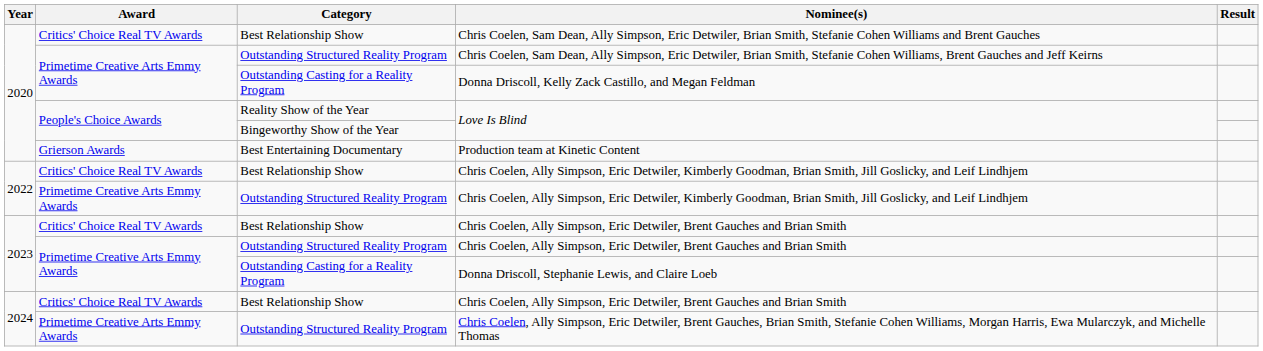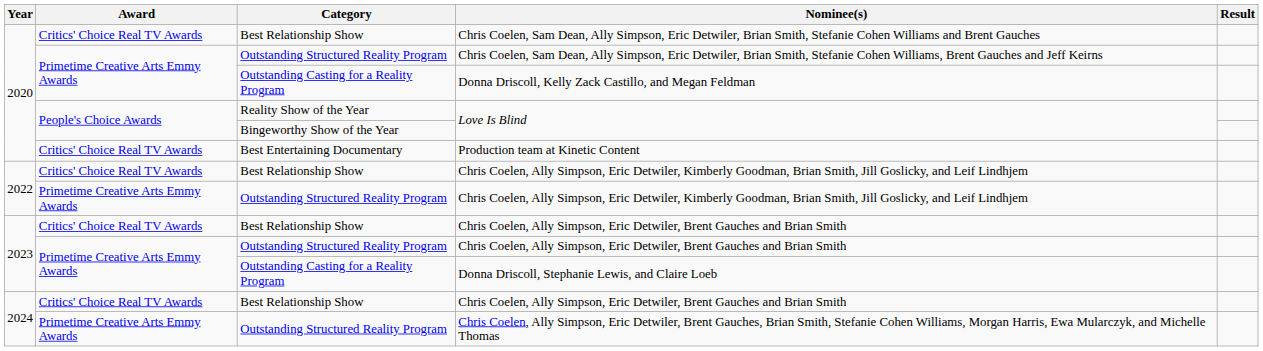 <table class="wikitable sortable">
 <tr>
 <th scope="col">Year</th>
 <th scope="col">Award</th>
 <th scope="col">Category</th>
 <th scope="col">Nominee(s)</th>
 <th scope="col">Result</th>
 </tr>
 <tr>
 <td rowspan="6" style="text-align:center;">2020</td>
 <td><a href='#'>Critics' Choice Real TV Awards</a></td>
 <td>Best Relationship Show</td>
 <td>Chris Coelen, Sam Dean, Ally Simpson, Eric Detwiler, Brian Smith, Stefanie Cohen Williams and Brent Gauches</td>
 <td></td>
 </tr>
 <tr>
 <td scope="row" rowspan="2"><a href='#'>Primetime Creative Arts Emmy Awards</a></td>
 <td><a href='#'>Outstanding Structured Reality Program</a></td>
 <td>Chris Coelen, Sam Dean, Ally Simpson, Eric Detwiler, Brian Smith, Stefanie Cohen Williams, Brent Gauches and Jeff Keirns</td>
 <td></td>
 </tr>
 <tr>
 <td><a href='#'>Outstanding Casting for a Reality Program</a></td>
 <td>Donna Driscoll, Kelly Zack Castillo, and Megan Feldman</td>
 <td></td>
 </tr>
 <tr>
 <td rowspan="2"><a href='#'>People's Choice Awards</a></td>
 <td>Reality Show of the Year</td>
 <td rowspan="2"><em>Love Is Blind</em></td>
 <td></td>
 </tr>
 <tr>
 <td>Bingeworthy Show of the Year</td>
 <td></td>
 </tr>
 <tr>
-<td><a href='#'>Grierson Awards</a></td>
+<td><a href='#'>Critics' Choice Real TV Awards</a></td>
 <td>Best Entertaining Documentary</td>
 <td>Production team at Kinetic Content</td>
 <td></td>
 </tr>
 <tr>
 <td rowspan="2" style="text-align:center;">2022</td>
 <td><a href='#'>Critics' Choice Real TV Awards</a></td>
 <td>Best Relationship Show</td>
 <td>Chris Coelen, Ally Simpson, Eric Detwiler, Kimberly Goodman, Brian Smith, Jill Goslicky, and Leif Lindhjem</td>
 <td></td>
 </tr>
 <tr>
 <td><a href='#'>Primetime Creative Arts Emmy Awards</a></td>
 <td><a href='#'>Outstanding Structured Reality Program</a></td>
 <td>Chris Coelen, Ally Simpson, Eric Detwiler, Kimberly Goodman, Brian Smith, Jill Goslicky, and Leif Lindhjem</td>
 <td></td>
 </tr>
 <tr>
 <td rowspan="3" style="text-align:center;">2023</td>
 <td><a href='#'>Critics' Choice Real TV Awards</a></td>
 <td>Best Relationship Show</td>
 <td>Chris Coelen, Ally Simpson, Eric Detwiler, Brent Gauches and Brian Smith</td>
 <td></td>
 </tr>
 <tr>
 <td scope="row" rowspan="2"><a href='#'>Primetime Creative Arts Emmy Awards</a></td>
 <td><a href='#'>Outstanding Structured Reality Program</a></td>
 <td rowspan="1">Chris Coelen, Ally Simpson, Eric Detwiler, Brent Gauches and Brian Smith</td>
 <td></td>
 </tr>
 <tr>
 <td><a href='#'>Outstanding Casting for a Reality Program</a></td>
 <td>Donna Driscoll, Stephanie Lewis, and Claire Loeb</td>
 <td></td>
 </tr>
 <tr>
 <td rowspan="2" style="text-align:center;">2024</td>
 <td><a href='#'>Critics' Choice Real TV Awards</a></td>
 <td>Best Relationship Show</td>
 <td>Chris Coelen, Ally Simpson, Eric Detwiler, Brent Gauches and Brian Smith</td>
 <td></td>
 </tr>
 <tr>
 <td><a href='#'>Primetime Creative Arts Emmy Awards</a></td>
 <td><a href='#'>Outstanding Structured Reality Program</a></td>
 <td><a href='#'>Chris Coelen</a>, Ally Simpson, Eric Detwiler, Brent Gauches, Brian Smith, Stefanie Cohen Williams, Morgan Harris, Ewa Mularczyk, and Michelle Thomas</td>
 <td></td>
 </tr>
 </table>
